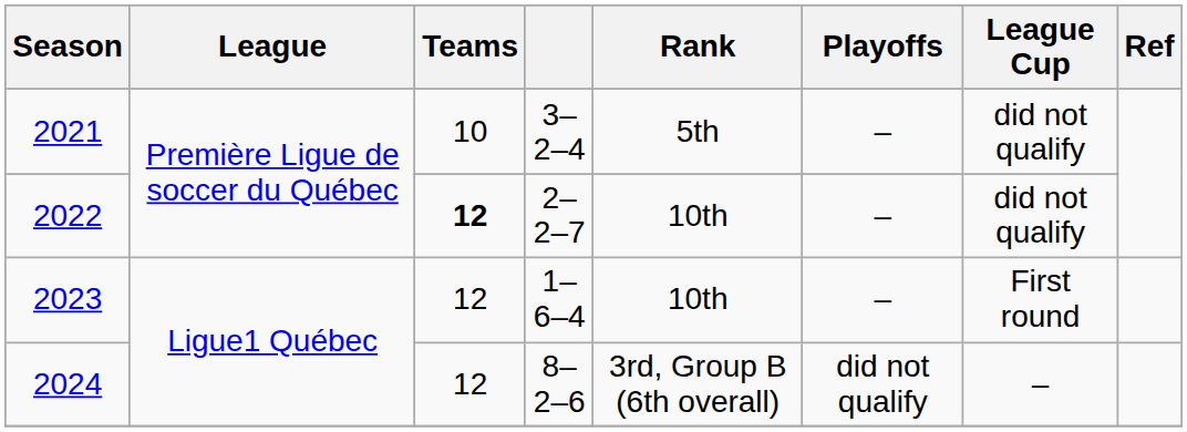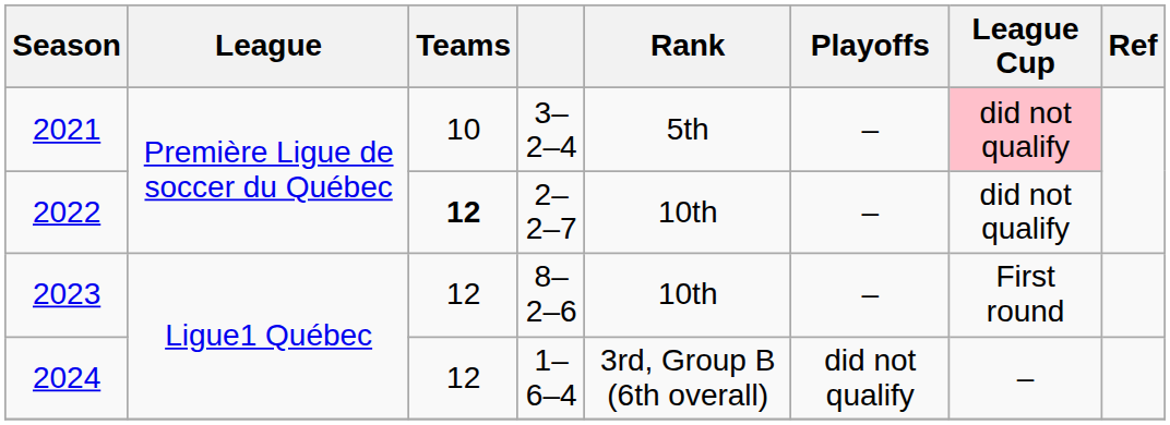 <table class="wikitable" style="text-align: center;">
 <tr>
 <th>Season</th>
 <th>League</th>
 <th>Teams</th>
 <th></th>
 <th>Rank</th>
 <th>Playoffs</th>
 <th>League Cup</th>
 <th>Ref</th>
 </tr>
 <tr>
 <td><a href='#'>2021</a></td>
 <td rowspan="2"><a href='#'>Première Ligue de soccer du Québec</a></td>
 <td>10</td>
 <td>3–2–4</td>
 <td>5th</td>
 <td>–</td>
-<td>did not qualify</td>
+<td style="background: pink;">did not qualify</td>
 <td rowspan=2></td>
 </tr>
 <tr>
 <td><a href='#'>2022</a></td>
 <td><strong>12</strong></td>
 <td>2–2–7</td>
 <td>10th</td>
 <td>–</td>
 <td>did not qualify</td>
 </tr>
 <tr>
 <td><a href='#'>2023</a></td>
 <td rowspan="2"><a href='#'>Ligue1 Québec</a></td>
 <td>12</td>
-<td>1–6–4</td>
+<td>8–2–6</td>
 <td>10th</td>
 <td>–</td>
 <td>First round</td>
 <td rowspan=1></td>
 </tr>
 <tr>
 <td><a href='#'>2024</a></td>
 <td>12</td>
-<td>8–2–6</td>
+<td>1–6–4</td>
 <td>3rd, Group B (6th overall)</td>
 <td>did not qualify</td>
 <td>–</td>
 <td></td>
 </tr>
 <tr>
 </tr>
 </table>
